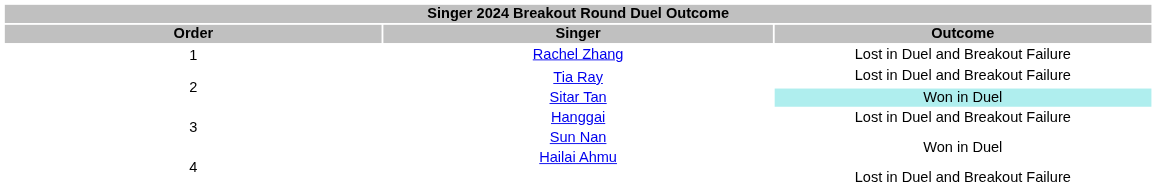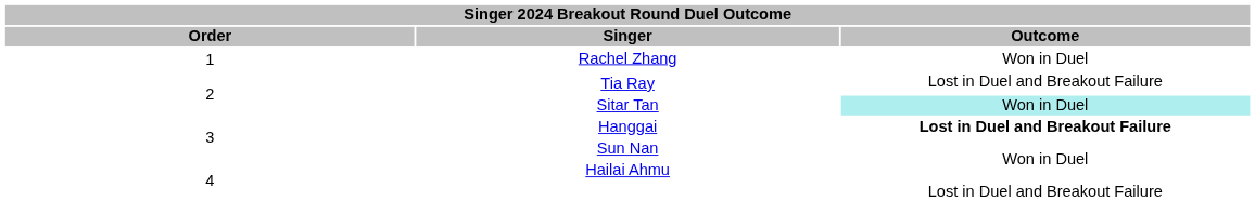 <table width="100%" style="text-align:center">
 <tr align=center style="background:silver">
 <td colspan="3"><div><strong>Singer 2024 Breakout Round Duel Outcome</strong></div></td>
 </tr>
 <tr align=center style="background:silver">
 <td style="width:33%"><strong>Order</strong></td>
 <td style="width:34%"><strong>Singer</strong></td>
 <td style="width:33%"><strong>Outcome</strong></td>
 </tr>
 <tr>
 <td rowspan=2>1</td>
 <td><a href='#'>Rachel Zhang</a></td>
-<td>Lost in Duel and Breakout Failure</td>
+<td>Won in Duel</td>
 </tr>
 <tr>
 <td></td>
 <td rowspan=2>Lost in Duel and Breakout Failure</td>
 </tr>
 <tr>
 <td rowspan=2>2</td>
 <td><a href='#'>Tia Ray</a></td>
 </tr>
 <tr>
 <td><a href='#'>Sitar Tan</a></td>
 <td style="background: paleturquoise;">Won in Duel</td>
 </tr>
 <tr>
 <td rowspan=2>3</td>
 <td><a href='#'>Hanggai</a></td>
-<td>Lost in Duel and Breakout Failure</td>
+<td><strong>Lost in Duel and Breakout Failure</strong></td>
 </tr>
 <tr>
 <td><a href='#'>Sun Nan</a></td>
 <td rowspan=2>Won in Duel</td>
 </tr>
 <tr>
 <td rowspan=2>4</td>
 <td><a href='#'>Hailai Ahmu</a></td>
 </tr>
 <tr>
 <td></td>
 <td>Lost in Duel and Breakout Failure</td>
 </tr>
 </table>
